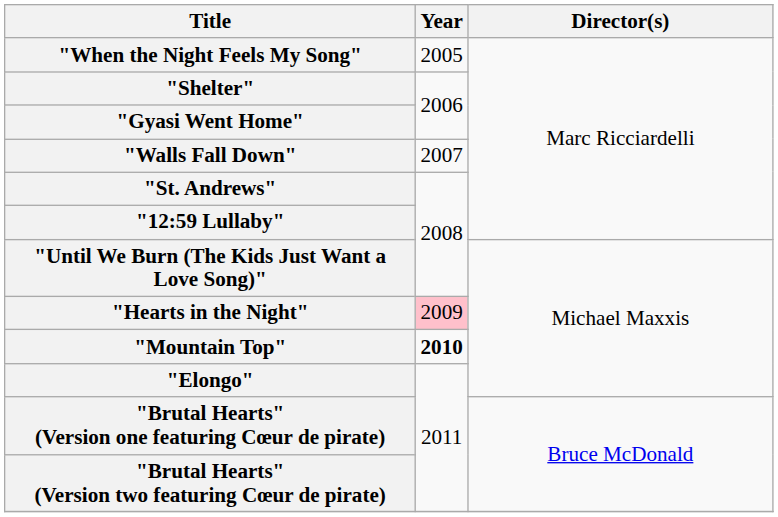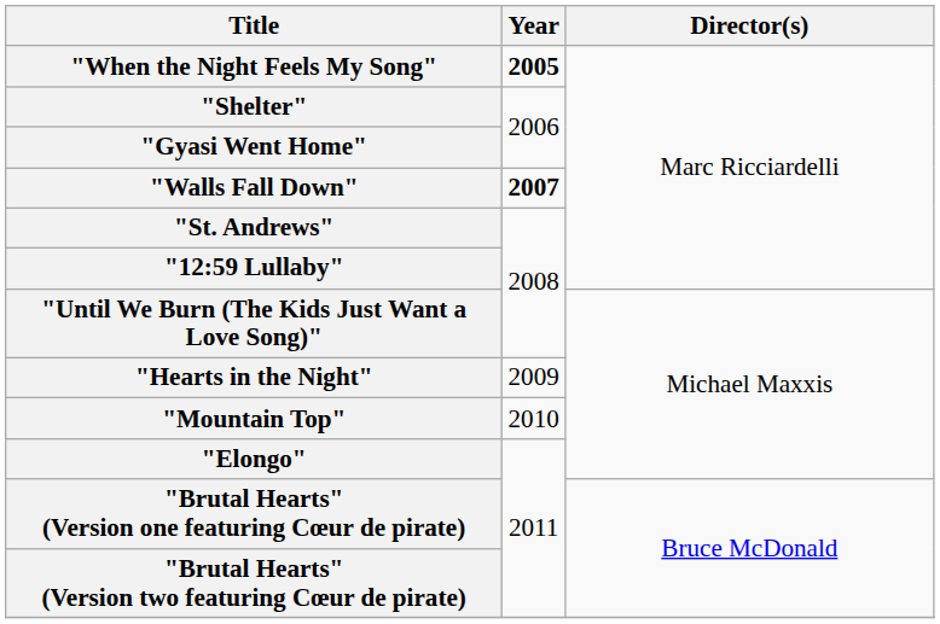 <table class="wikitable plainrowheaders" style="text-align:center;">
 <tr>
 <th scope="col" style="width:19em;">Title</th>
 <th scope="col">Year</th>
 <th scope="col" style="width:14em;">Director(s)</th>
 </tr>
 <tr>
 <th scope="row">"When the Night Feels My Song"</th>
-<td>2005</td>
+<td><strong>2005</strong></td>
 <td rowspan="6">Marc Ricciardelli</td>
 </tr>
 <tr>
 <th scope="row">"Shelter"</th>
 <td rowspan="2">2006</td>
 </tr>
 <tr>
 <th scope="row">"Gyasi Went Home"</th>
 </tr>
 <tr>
 <th scope="row">"Walls Fall Down"</th>
-<td>2007</td>
+<td><strong>2007</strong></td>
 </tr>
 <tr>
 <th scope="row">"St. Andrews"</th>
 <td rowspan="3">2008</td>
 </tr>
 <tr>
 <th scope="row">"12:59 Lullaby"</th>
 </tr>
 <tr>
 <th scope="row">"Until We Burn (The Kids Just Want a Love Song)"</th>
 <td rowspan="4">Michael Maxxis</td>
 </tr>
 <tr>
 <th scope="row">"Hearts in the Night"</th>
-<td style="background: pink;">2009</td>
+<td>2009</td>
 </tr>
 <tr>
 <th scope="row">"Mountain Top"</th>
-<td><strong>2010</strong></td>
+<td>2010</td>
 </tr>
 <tr>
 <th scope="row">"Elongo"</th>
 <td rowspan="3">2011</td>
 </tr>
 <tr>
 <th scope="row">"Brutal Hearts"<br><span>(Version one featuring Cœur de pirate)</span></th>
 <td rowspan="2"><a href='#'>Bruce McDonald</a></td>
 </tr>
 <tr>
 <th scope="row">"Brutal Hearts"<br><span>(Version two featuring Cœur de pirate)</span></th>
 </tr>
 <tr>
 </tr>
 </table>
